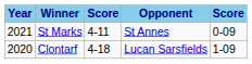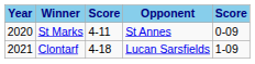 <table class="wikitable">
 <tr>
 <th style="background:skyblue;color:navy;">Year</th>
 <th style="background:skyblue;color:navy;">Winner</th>
 <th style="background:skyblue;color:navy;">Score</th>
 <th style="background:skyblue;color:navy;">Opponent</th>
 <th style="background:skyblue;color:navy;">Score</th>
 </tr>
 <tr>
-<td>2021</td>
+<td>2020</td>
 <td><a href='#'>St Marks</a></td>
 <td>4-11</td>
 <td><a href='#'>St Annes</a></td>
 <td>0-09</td>
 </tr>
 <tr>
-<td>2020</td>
+<td>2021</td>
 <td><a href='#'>Clontarf</a></td>
 <td>4-18</td>
 <td><a href='#'>Lucan Sarsfields</a></td>
 <td>1-09</td>
 </tr>
 </table>
